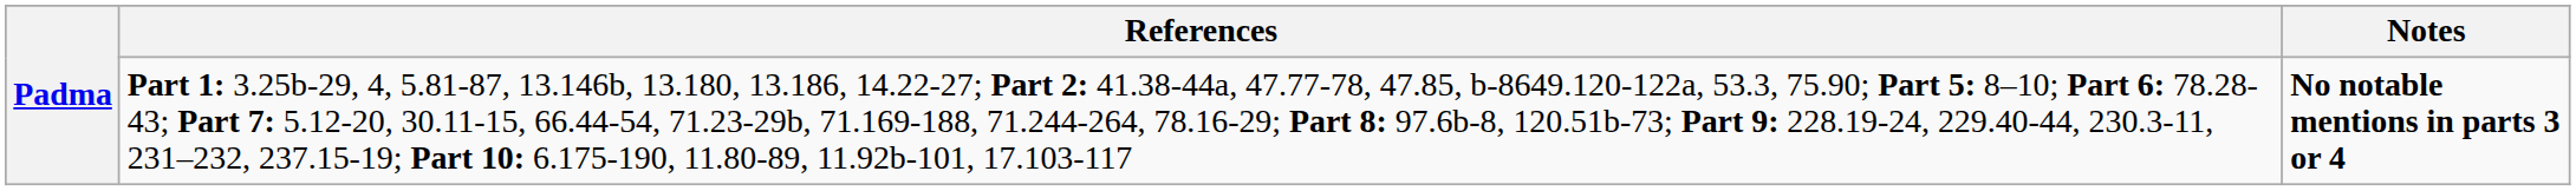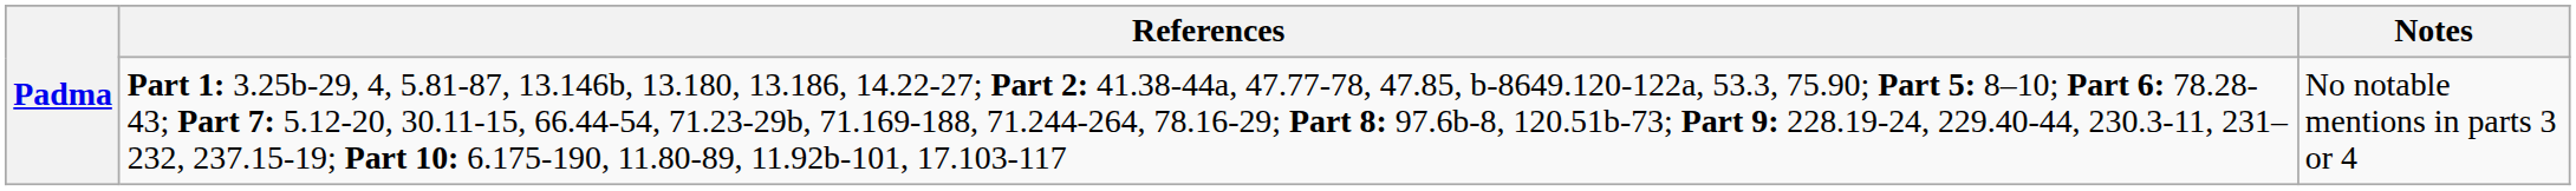 <table class="wikitable">
 <tr>
 <th rowspan="2"><a href='#'>Padma</a></th>
 <th>References</th>
 <th>Notes</th>
 </tr>
 <tr>
 <td><strong>Part 1:</strong> 3.25b-29, 4, 5.81-87, 13.146b, 13.180, 13.186, 14.22-27; <strong>Part 2:</strong> 41.38-44a, 47.77-78, 47.85, b-8649.120-122a, 53.3, 75.90; <strong>Part 5:</strong> 8–10; <strong>Part 6:</strong> 78.28-43; <strong>Part 7:</strong> 5.12-20, 30.11-15, 66.44-54, 71.23-29b, 71.169-188, 71.244-264, 78.16-29; <strong>Part 8:</strong> 97.6b-8, 120.51b-73; <strong>Part 9:</strong> 228.19-24, 229.40-44, 230.3-11, 231–232, 237.15-19; <strong>Part 10:</strong> 6.175-190, 11.80-89, 11.92b-101, 17.103-117</td>
-<td><strong>No notable mentions in parts 3 or 4</strong></td>
+<td>No notable mentions in parts 3 or 4</td>
 </tr>
 </table>
